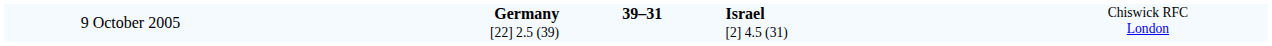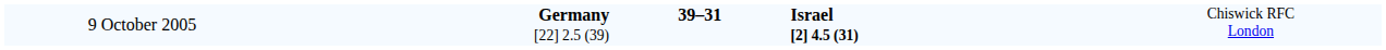 <table style="width: 100%; background:#F5FAFF;" cellspacing="0">
 <tr>
 <td align=center rowspan=3 width=20%>9 October 2005</td>
 </tr>
 <tr>
 <td width=24% align=right><strong>Germany</strong></td>
 <td align=center width=13%><strong>39–31</strong></td>
 <td width=24%><strong>Israel</strong></td>
 <td style=font-size:85% rowspan=3 valign=top align=center>Chiswick RFC<br><a href='#'>London</a></td>
 </tr>
 <tr style=font-size:85%>
 <td align=right>[22] 2.5 (39)</td>
 <td></td>
-<td>[2] 4.5 (31)</td>
+<td><strong>[2] 4.5 (31)</strong></td>
 </tr>
 </table>
